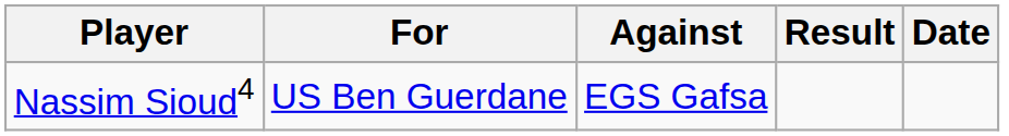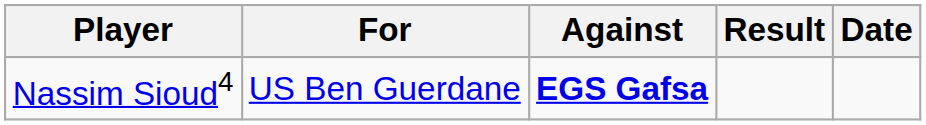 <table class="wikitable sortable">
 <tr>
 <th>Player</th>
 <th>For</th>
 <th>Against</th>
 <th>Result</th>
 <th>Date</th>
 </tr>
 <tr>
 <td> <a href='#'>Nassim Sioud</a><sup>4</sup></td>
 <td rowspan=2><a href='#'>US Ben Guerdane</a></td>
-<td><a href='#'>EGS Gafsa</a></td>
+<td><strong><a href='#'>EGS Gafsa</a></strong></td>
 <td style="text-align:center"></td>
 <td></td>
 </tr>
 </table>
